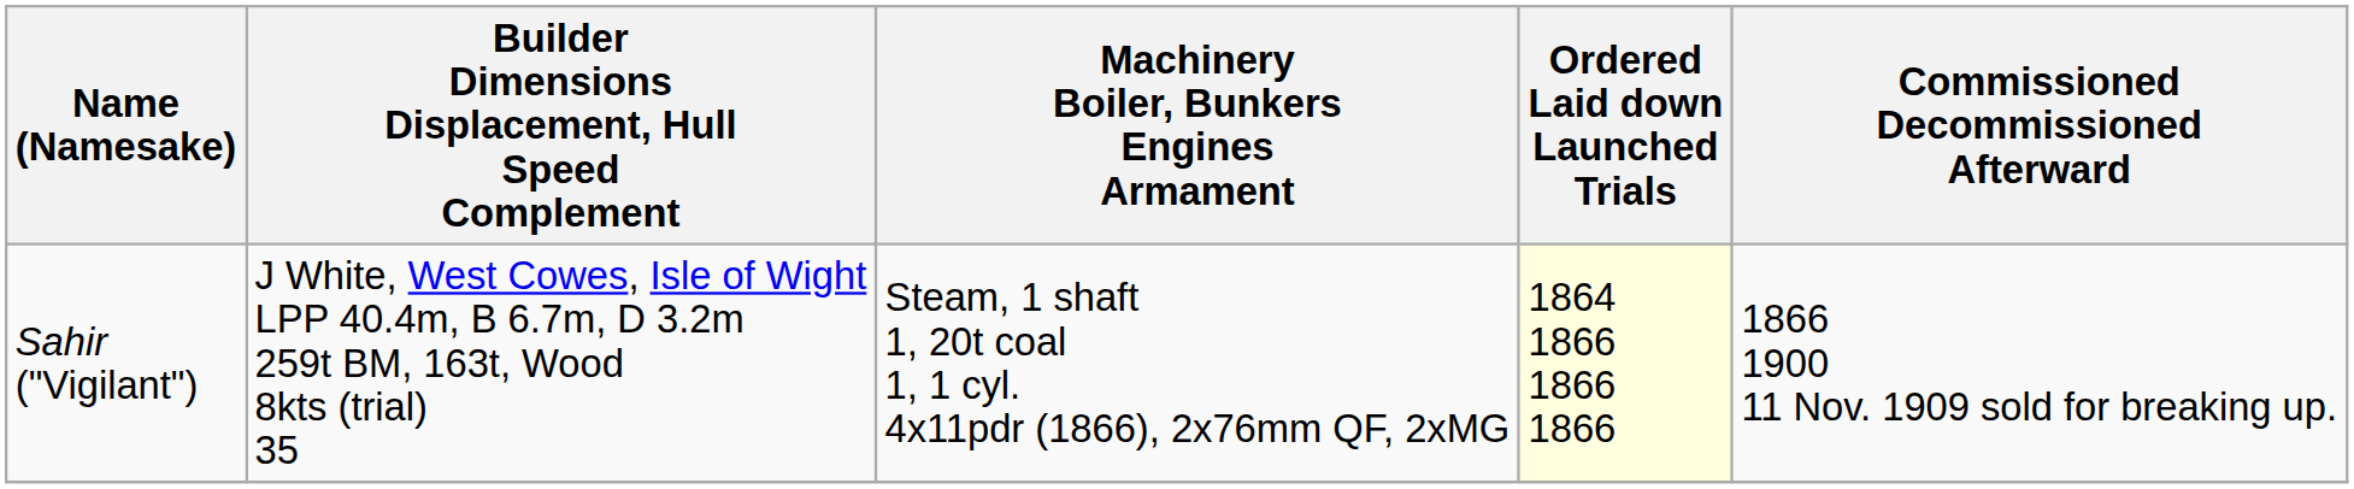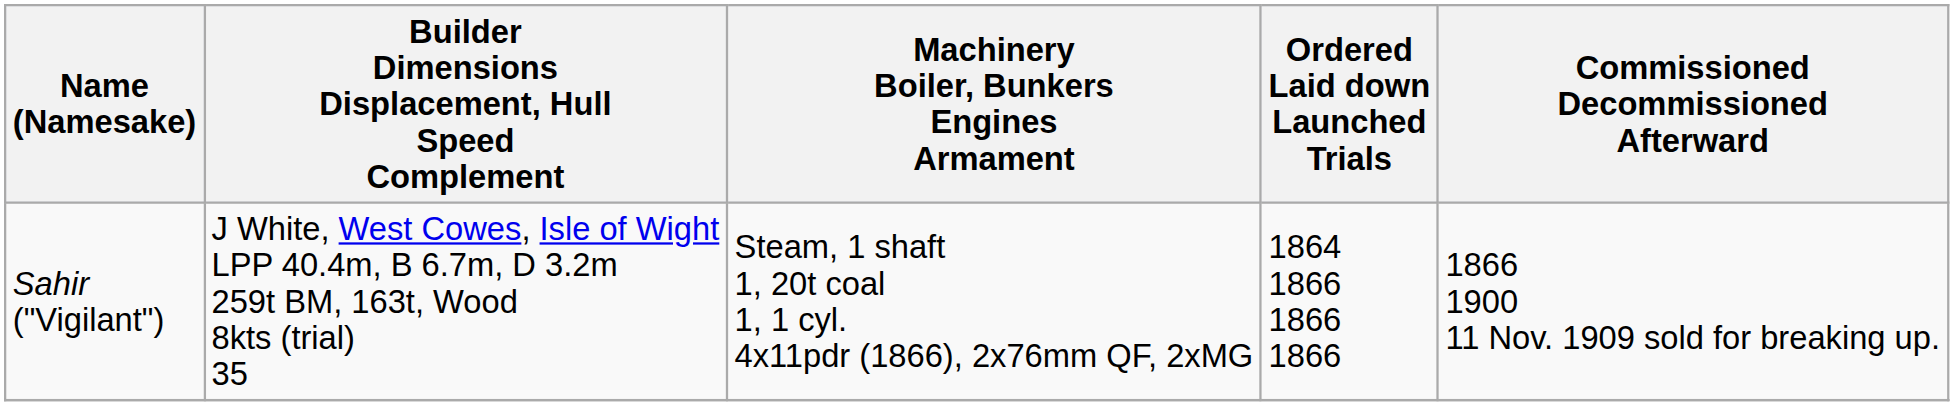 <table class="wikitable" style="font-size:90%;">
 <tr bgcolor="#e6e9ff">
 <th>Name<br>(Namesake)</th>
 <th>Builder<br>Dimensions<br>Displacement, Hull<br>Speed<br>Complement</th>
 <th>Machinery<br>Boiler, Bunkers<br>Engines<br>Armament</th>
 <th>Ordered<br>Laid down<br>Launched<br>Trials</th>
 <th>Commissioned<br>Decommissioned<br>Afterward</th>
 </tr>
 <tr ---->
 <td><em>Sahir</em><br>("Vigilant")</td>
 <td> J White, <a href='#'>West Cowes</a>, <a href='#'>Isle of Wight</a><br>LPP 40.4m, B 6.7m, D 3.2m<br>259t BM, 163t, Wood<br>8kts (trial)<br>35</td>
 <td>Steam, 1 shaft<br>1, 20t coal<br>1, 1 cyl.<br>4x11pdr (1866), 2x76mm QF, 2xMG</td>
-<td style="background: lightyellow;">1864<br>1866<br>1866<br>1866</td>
+<td>1864<br>1866<br>1866<br>1866</td>
 <td>1866<br>1900<br>11 Nov. 1909 sold for breaking up.</td>
 </tr>
 <tr ---->
 </tr>
 </table>
